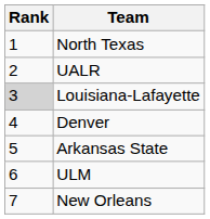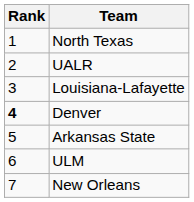 <table class=wikitable>
 <tr>
 <th>Rank</th>
 <th>Team</th>
 </tr>
 <tr>
 <td>1</td>
 <td>North Texas</td>
 </tr>
 <tr>
 <td>2</td>
 <td>UALR</td>
 </tr>
 <tr>
-<td style="background: lightgrey;">3</td>
+<td>3</td>
 <td>Louisiana-Lafayette</td>
 </tr>
 <tr>
-<td>4</td>
+<td><strong>4</strong></td>
 <td>Denver</td>
 </tr>
 <tr>
 <td>5</td>
 <td>Arkansas State</td>
 </tr>
 <tr>
 <td>6</td>
 <td>ULM</td>
 </tr>
 <tr>
 <td>7</td>
 <td>New Orleans</td>
 </tr>
 </table>
